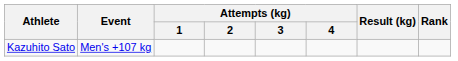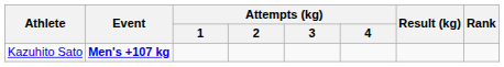 <table class=wikitable style="font-size:90%">
 <tr>
 <th rowspan=2>Athlete</th>
 <th rowspan=2>Event</th>
 <th colspan=4>Attempts (kg)</th>
 <th rowspan=2>Result (kg)</th>
 <th rowspan=2>Rank</th>
 </tr>
 <tr>
 <th width="60">1</th>
 <th width="60">2</th>
 <th width="60">3</th>
 <th width="60">4</th>
 </tr>
 <tr align=center>
 <td align=left><a href='#'>Kazuhito Sato</a></td>
-<td align=left><a href='#'>Men's +107 kg</a></td>
+<td align=left><strong><a href='#'>Men's +107 kg</a></strong></td>
 <td></td>
 <td></td>
 <td></td>
 <td></td>
 <td></td>
 </tr>
 </table>
